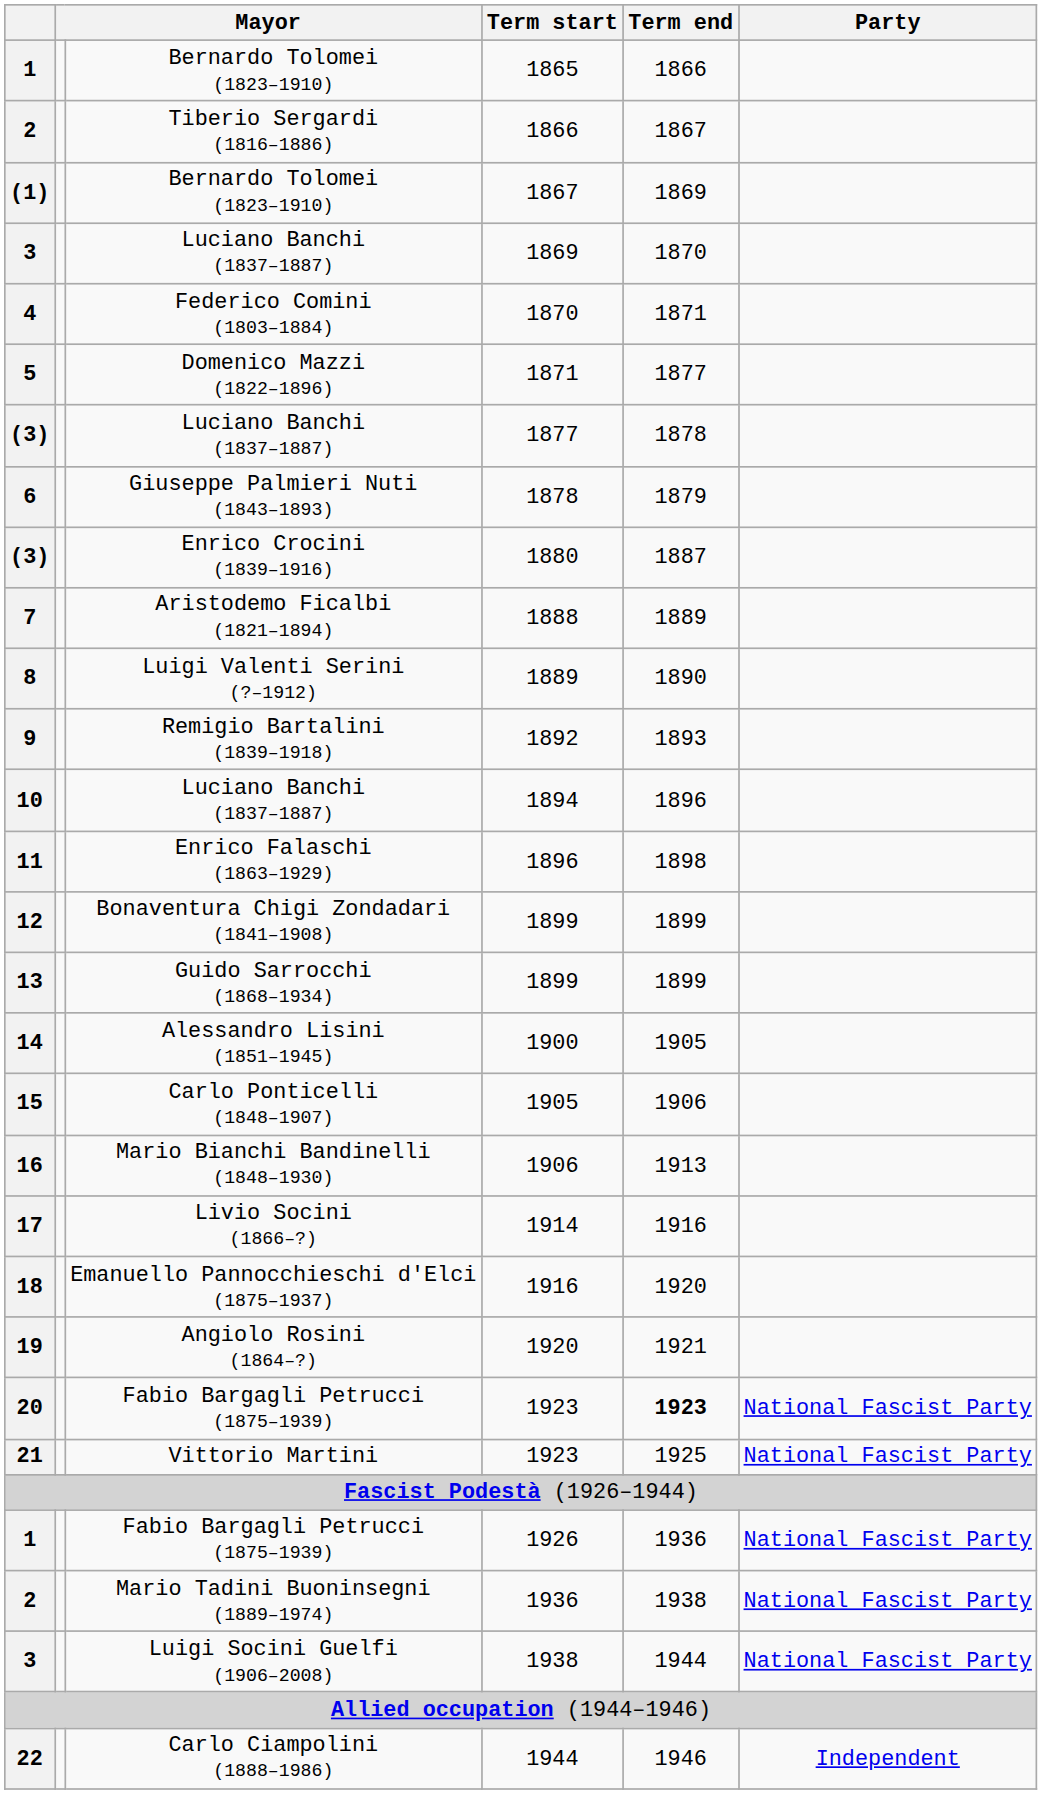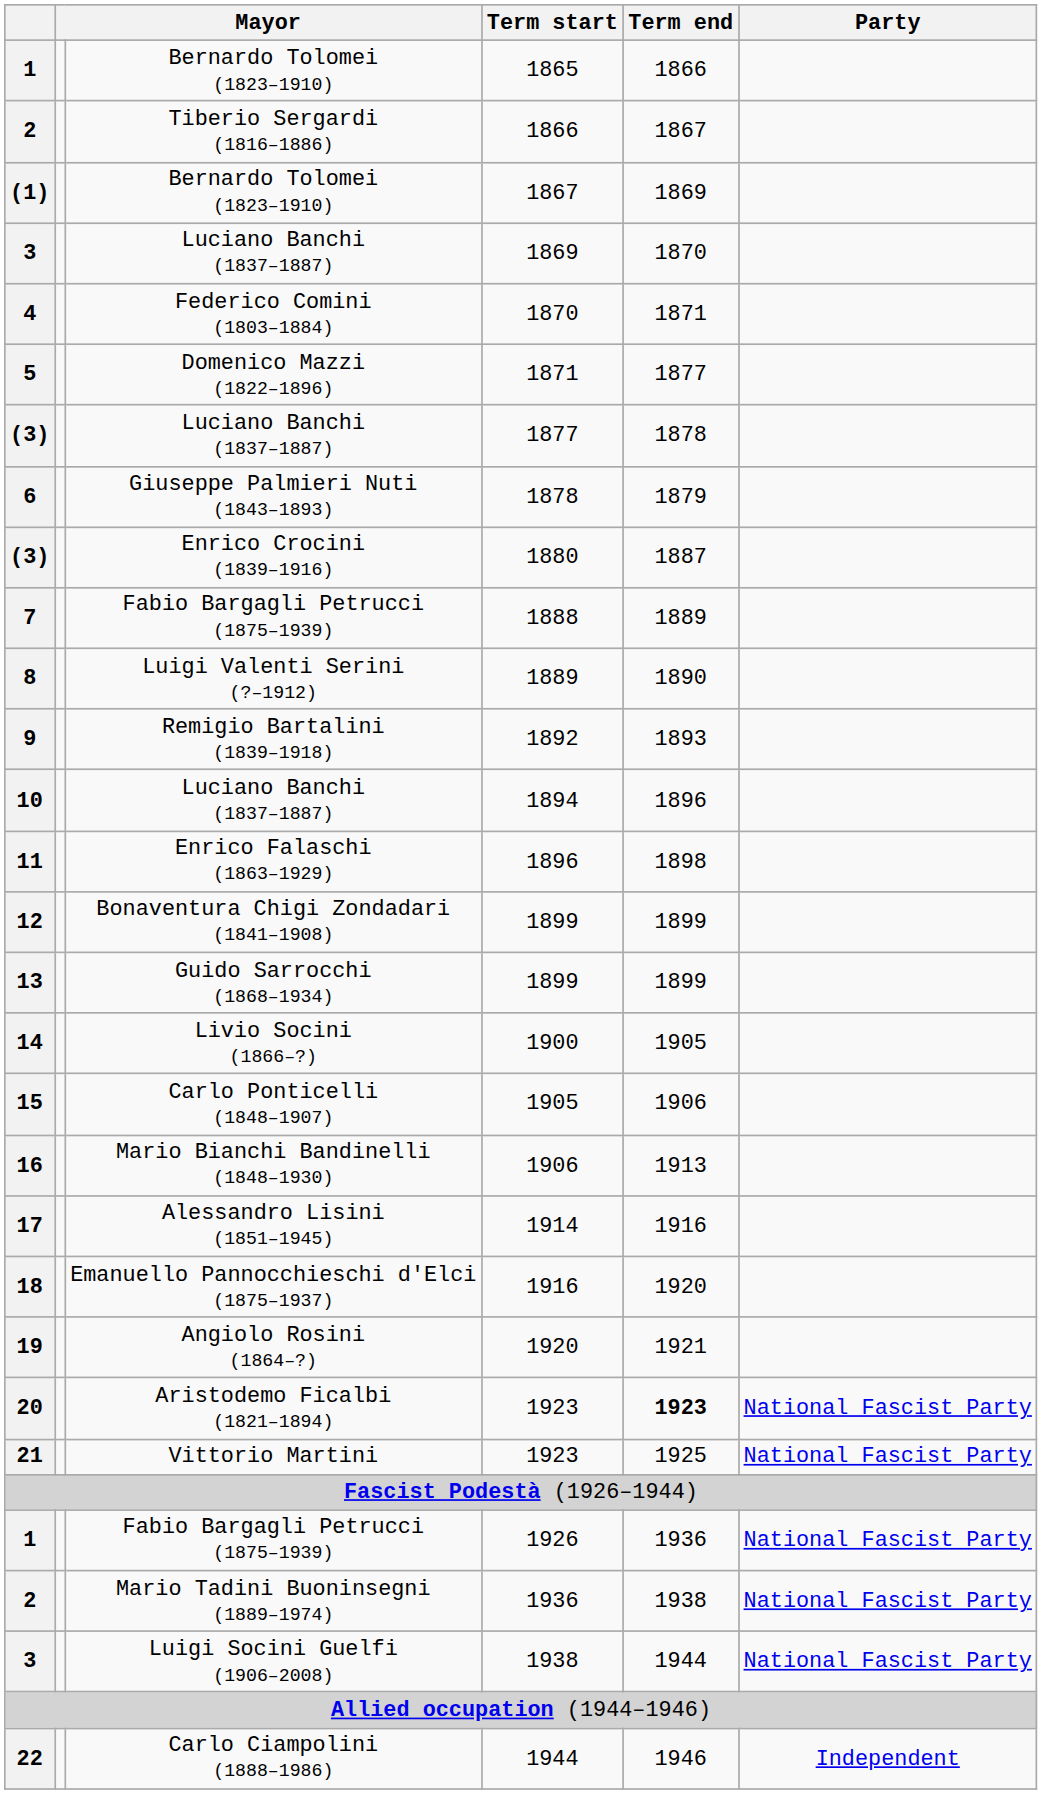 <table class="wikitable" style="text-align: center;">
 <tr>
 <th class=unsortable> </th>
 <th colspan="2">Mayor</th>
 <th>Term start</th>
 <th>Term end</th>
 <th>Party</th>
 </tr>
 <tr>
 <th rowspan=1 style="background:">1</th>
 <td></td>
 <td>Bernardo Tolomei<br><small>(1823–1910)</small></td>
 <td>1865</td>
 <td>1866</td>
 <td></td>
 </tr>
 <tr>
 <th rowspan=1 style="background:">2</th>
 <td></td>
 <td>Tiberio Sergardi<br><small>(1816–1886)</small></td>
 <td>1866</td>
 <td>1867</td>
 <td></td>
 </tr>
 <tr>
 <th rowspan=1 style="background:">(1)</th>
 <td></td>
 <td>Bernardo Tolomei<br><small>(1823–1910)</small></td>
 <td>1867</td>
 <td>1869</td>
 <td></td>
 </tr>
 <tr>
 <th rowspan=1 style="background:">3</th>
 <td></td>
 <td>Luciano Banchi<br><small>(1837–1887)</small></td>
 <td>1869</td>
 <td>1870</td>
 <td></td>
 </tr>
 <tr>
 <th rowspan=1 style="background:">4</th>
 <td></td>
 <td>Federico Comini<br><small>(1803–1884)</small></td>
 <td>1870</td>
 <td>1871</td>
 <td></td>
 </tr>
 <tr>
 <th rowspan=1 style="background:">5</th>
 <td></td>
 <td>Domenico Mazzi<br><small>(1822–1896)</small></td>
 <td align=center>1871</td>
 <td align=center>1877</td>
 <td></td>
 </tr>
 <tr>
 <th rowspan=1 style="background:">(3)</th>
 <td></td>
 <td>Luciano Banchi<br><small>(1837–1887)</small></td>
 <td>1877</td>
 <td>1878</td>
 <td></td>
 </tr>
 <tr>
 <th rowspan=1 style="background:">6</th>
 <td></td>
 <td>Giuseppe Palmieri Nuti<br><small>(1843–1893)</small></td>
 <td>1878</td>
 <td>1879</td>
 <td></td>
 </tr>
 <tr>
 <th rowspan=1 style="background:">(3)</th>
 <td></td>
 <td>Enrico Crocini<br><small>(1839–1916)</small></td>
 <td>1880</td>
 <td>1887</td>
 <td></td>
 </tr>
 <tr>
 <th rowspan=1 style="background:">7</th>
 <td></td>
-<td>Aristodemo Ficalbi<br><small>(1821–1894)</small></td>
+<td>Fabio Bargagli Petrucci<br><small>(1875–1939)</small></td>
 <td>1888</td>
 <td>1889</td>
 <td></td>
 </tr>
 <tr>
 <th rowspan=1 style="background:">8</th>
 <td></td>
 <td>Luigi Valenti Serini<br><small>(?–1912)</small></td>
 <td>1889</td>
 <td>1890</td>
 <td></td>
 </tr>
 <tr>
 <th rowspan=1 style="background:">9</th>
 <td></td>
 <td>Remigio Bartalini<br><small>(1839–1918)</small></td>
 <td>1892</td>
 <td>1893</td>
 <td></td>
 </tr>
 <tr>
 <th rowspan=1 style="background:">10</th>
 <td></td>
 <td>Luciano Banchi<br><small>(1837–1887)</small></td>
 <td>1894</td>
 <td>1896</td>
 <td></td>
 </tr>
 <tr>
 <th rowspan=1 style="background:">11</th>
 <td></td>
 <td>Enrico Falaschi<br><small>(1863–1929)</small></td>
 <td>1896</td>
 <td>1898</td>
 <td></td>
 </tr>
 <tr>
 <th rowspan=1 style="background:">12</th>
 <td></td>
 <td>Bonaventura Chigi Zondadari<br><small>(1841–1908)</small></td>
 <td>1899</td>
 <td>1899</td>
 <td></td>
 </tr>
 <tr>
 <th rowspan=1 style="background:">13</th>
 <td></td>
 <td>Guido Sarrocchi<br><small>(1868–1934)</small></td>
 <td>1899</td>
 <td>1899</td>
 <td></td>
 </tr>
 <tr>
 <th rowspan=1 style="background:">14</th>
 <td></td>
-<td>Alessandro Lisini<br><small>(1851–1945)</small></td>
+<td>Livio Socini<br><small>(1866–?)</small></td>
 <td>1900</td>
 <td>1905</td>
 <td></td>
 </tr>
 <tr>
 <th rowspan=1 style="background:">15</th>
 <td></td>
 <td>Carlo Ponticelli<br><small>(1848–1907)</small></td>
 <td>1905</td>
 <td>1906</td>
 <td></td>
 </tr>
 <tr>
 <th rowspan=1 style="background:">16</th>
 <td></td>
 <td>Mario Bianchi Bandinelli<br><small>(1848–1930)</small></td>
 <td>1906</td>
 <td>1913</td>
 <td></td>
 </tr>
 <tr>
 <th rowspan=1 style="background:">17</th>
 <td></td>
-<td>Livio Socini<br><small>(1866–?)</small></td>
+<td>Alessandro Lisini<br><small>(1851–1945)</small></td>
 <td>1914</td>
 <td>1916</td>
 <td></td>
 </tr>
 <tr>
 <th rowspan=1 style="background:">18</th>
 <td></td>
 <td>Emanuello Pannocchieschi d'Elci<br><small>(1875–1937)</small></td>
 <td>1916</td>
 <td>1920</td>
 <td></td>
 </tr>
 <tr>
 <th rowspan=1 style="background:">19</th>
 <td></td>
 <td>Angiolo Rosini<br><small>(1864–?)</small></td>
 <td>1920</td>
 <td>1921</td>
 <td></td>
 </tr>
 <tr>
 <th rowspan=1 style="background:">20</th>
 <td></td>
-<td>Fabio Bargagli Petrucci<br><small>(1875–1939)</small></td>
+<td>Aristodemo Ficalbi<br><small>(1821–1894)</small></td>
 <td>1923</td>
 <td><strong>1923</strong></td>
 <td><a href='#'>National Fascist Party</a></td>
 </tr>
 <tr>
 <th rowspan=1 style="background:">21</th>
 <td></td>
 <td>Vittorio Martini</td>
 <td>1923</td>
 <td>1925</td>
 <td><a href='#'>National Fascist Party</a></td>
 </tr>
 <tr>
 <td colspan="8" bgcolor="lightgrey" align=center><strong><a href='#'>Fascist Podestà</a></strong> (1926–1944)</td>
 </tr>
 <tr>
 <th rowspan=1 style="background:">1</th>
 <td></td>
 <td>Fabio Bargagli Petrucci<br><small>(1875–1939)</small></td>
 <td>1926</td>
 <td>1936</td>
 <td><a href='#'>National Fascist Party</a></td>
 </tr>
 <tr>
 <th rowspan=1 style="background:">2</th>
 <td></td>
 <td>Mario Tadini Buoninsegni<br><small>(1889–1974)</small></td>
 <td>1936</td>
 <td>1938</td>
 <td><a href='#'>National Fascist Party</a></td>
 </tr>
 <tr>
 <th rowspan=1 style="background:">3</th>
 <td></td>
 <td>Luigi Socini Guelfi<br><small>(1906–2008)</small></td>
 <td>1938</td>
 <td>1944</td>
 <td><a href='#'>National Fascist Party</a></td>
 </tr>
 <tr>
 <td colspan="8" bgcolor="lightgrey" align=center><strong><a href='#'>Allied occupation</a></strong> (1944–1946)</td>
 </tr>
 <tr>
 <th rowspan=1 style="background:">22</th>
 <td></td>
 <td>Carlo Ciampolini<br><small>(1888–1986)</small></td>
 <td>1944</td>
 <td>1946</td>
 <td><a href='#'>Independent</a></td>
 </tr>
 </table>
